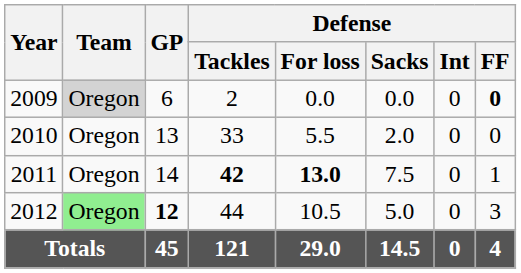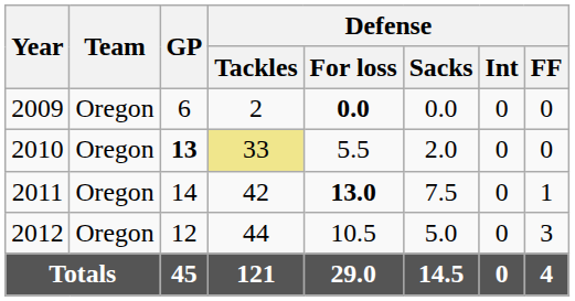 <table class="wikitable" style="text-align:center;">
 <tr>
 <th rowspan="2">Year</th>
 <th rowspan="2">Team</th>
 <th rowspan="2">GP</th>
 <th colspan=5>Defense</th>
 </tr>
 <tr>
 <th>Tackles</th>
 <th>For loss</th>
 <th>Sacks</th>
 <th>Int</th>
 <th>FF</th>
 </tr>
 <tr>
 <td>2009</td>
-<td style="background: lightgrey;">Oregon</td>
+<td>Oregon</td>
 <td>6</td>
 <td>2</td>
-<td>0.0</td>
+<td><strong>0.0</strong></td>
 <td>0.0</td>
 <td>0</td>
-<td><strong>0</strong></td>
+<td>0</td>
 </tr>
 <tr>
 <td>2010</td>
 <td>Oregon</td>
-<td>13</td>
-<td>33</td>
+<td><strong>13</strong></td>
+<td style="background: khaki;">33</td>
 <td>5.5</td>
 <td>2.0</td>
 <td>0</td>
 <td>0</td>
 </tr>
 <tr>
 <td>2011</td>
 <td>Oregon</td>
 <td>14</td>
-<td><strong>42</strong></td>
+<td>42</td>
 <td><strong>13.0</strong></td>
 <td>7.5</td>
 <td>0</td>
 <td>1</td>
 </tr>
 <tr>
 <td>2012</td>
-<td style="background: lightgreen;">Oregon</td>
-<td><strong>12</strong></td>
+<td>Oregon</td>
+<td>12</td>
 <td>44</td>
 <td>10.5</td>
 <td>5.0</td>
 <td>0</td>
 <td>3</td>
 </tr>
 <tr style="background:#555; font-weight:bold; color:white;">
 <td colspan=2>Totals</td>
 <td>45</td>
 <td>121</td>
 <td>29.0</td>
 <td>14.5</td>
 <td>0</td>
 <td>4</td>
 </tr>
 </table>
